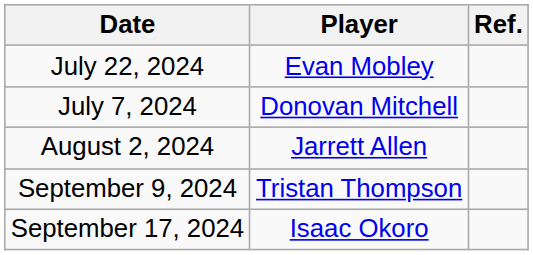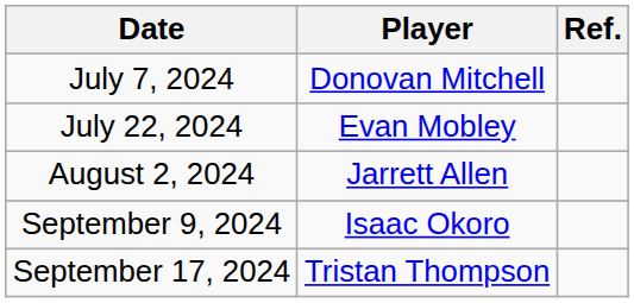 <table class="wikitable sortable sortable" style="text-align: center">
 <tr>
 <th>Date</th>
 <th>Player</th>
 <th>Ref.</th>
 </tr>
 <tr>
-<td>July 22, 2024</td>
-<td><a href='#'>Evan Mobley</a></td>
+<td>July 7, 2024</td>
+<td><a href='#'>Donovan Mitchell</a></td>
 <td></td>
 </tr>
 <tr>
-<td>July 7, 2024</td>
-<td><a href='#'>Donovan Mitchell</a></td>
+<td>July 22, 2024</td>
+<td><a href='#'>Evan Mobley</a></td>
 <td></td>
 </tr>
 <tr>
 <td>August 2, 2024</td>
 <td><a href='#'>Jarrett Allen</a></td>
 <td></td>
 </tr>
 <tr>
 <td>September 9, 2024</td>
-<td><a href='#'>Tristan Thompson</a></td>
+<td><a href='#'>Isaac Okoro</a></td>
 <td></td>
 </tr>
 <tr>
 <td>September 17, 2024</td>
-<td><a href='#'>Isaac Okoro</a></td>
+<td><a href='#'>Tristan Thompson</a></td>
 <td></td>
 </tr>
 </table>
